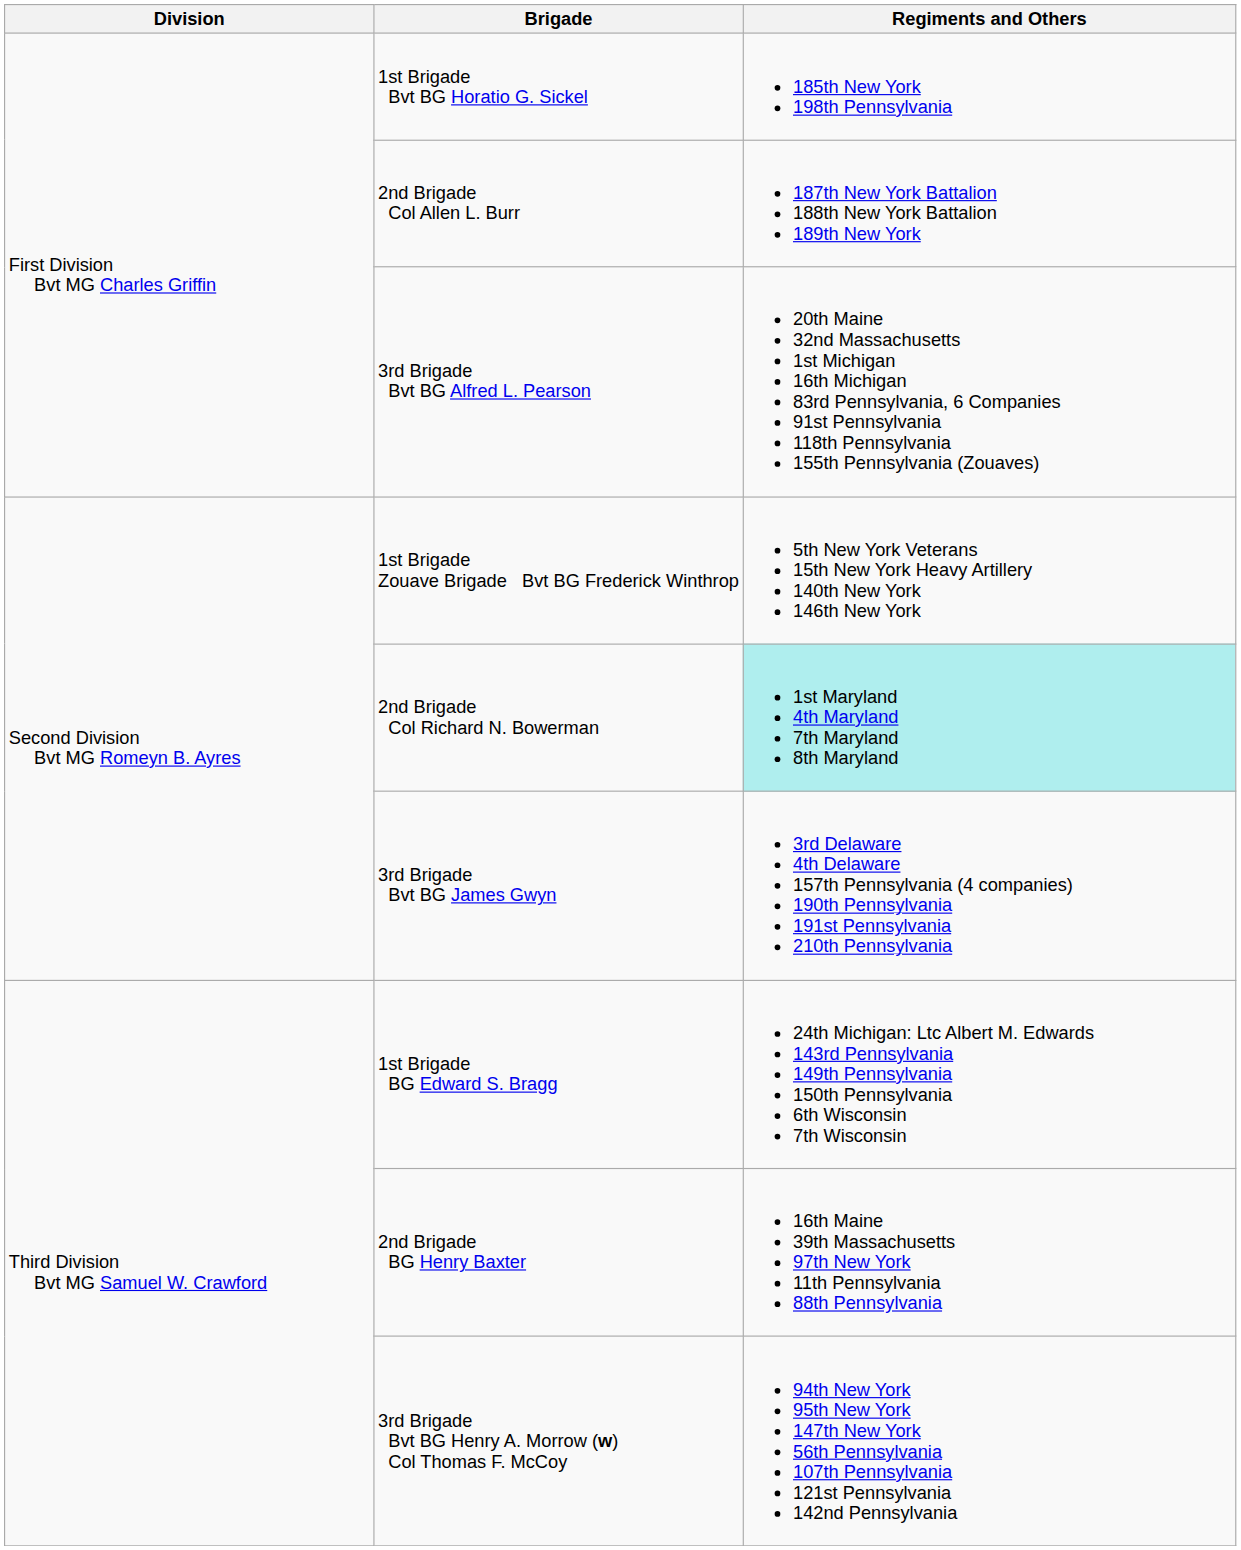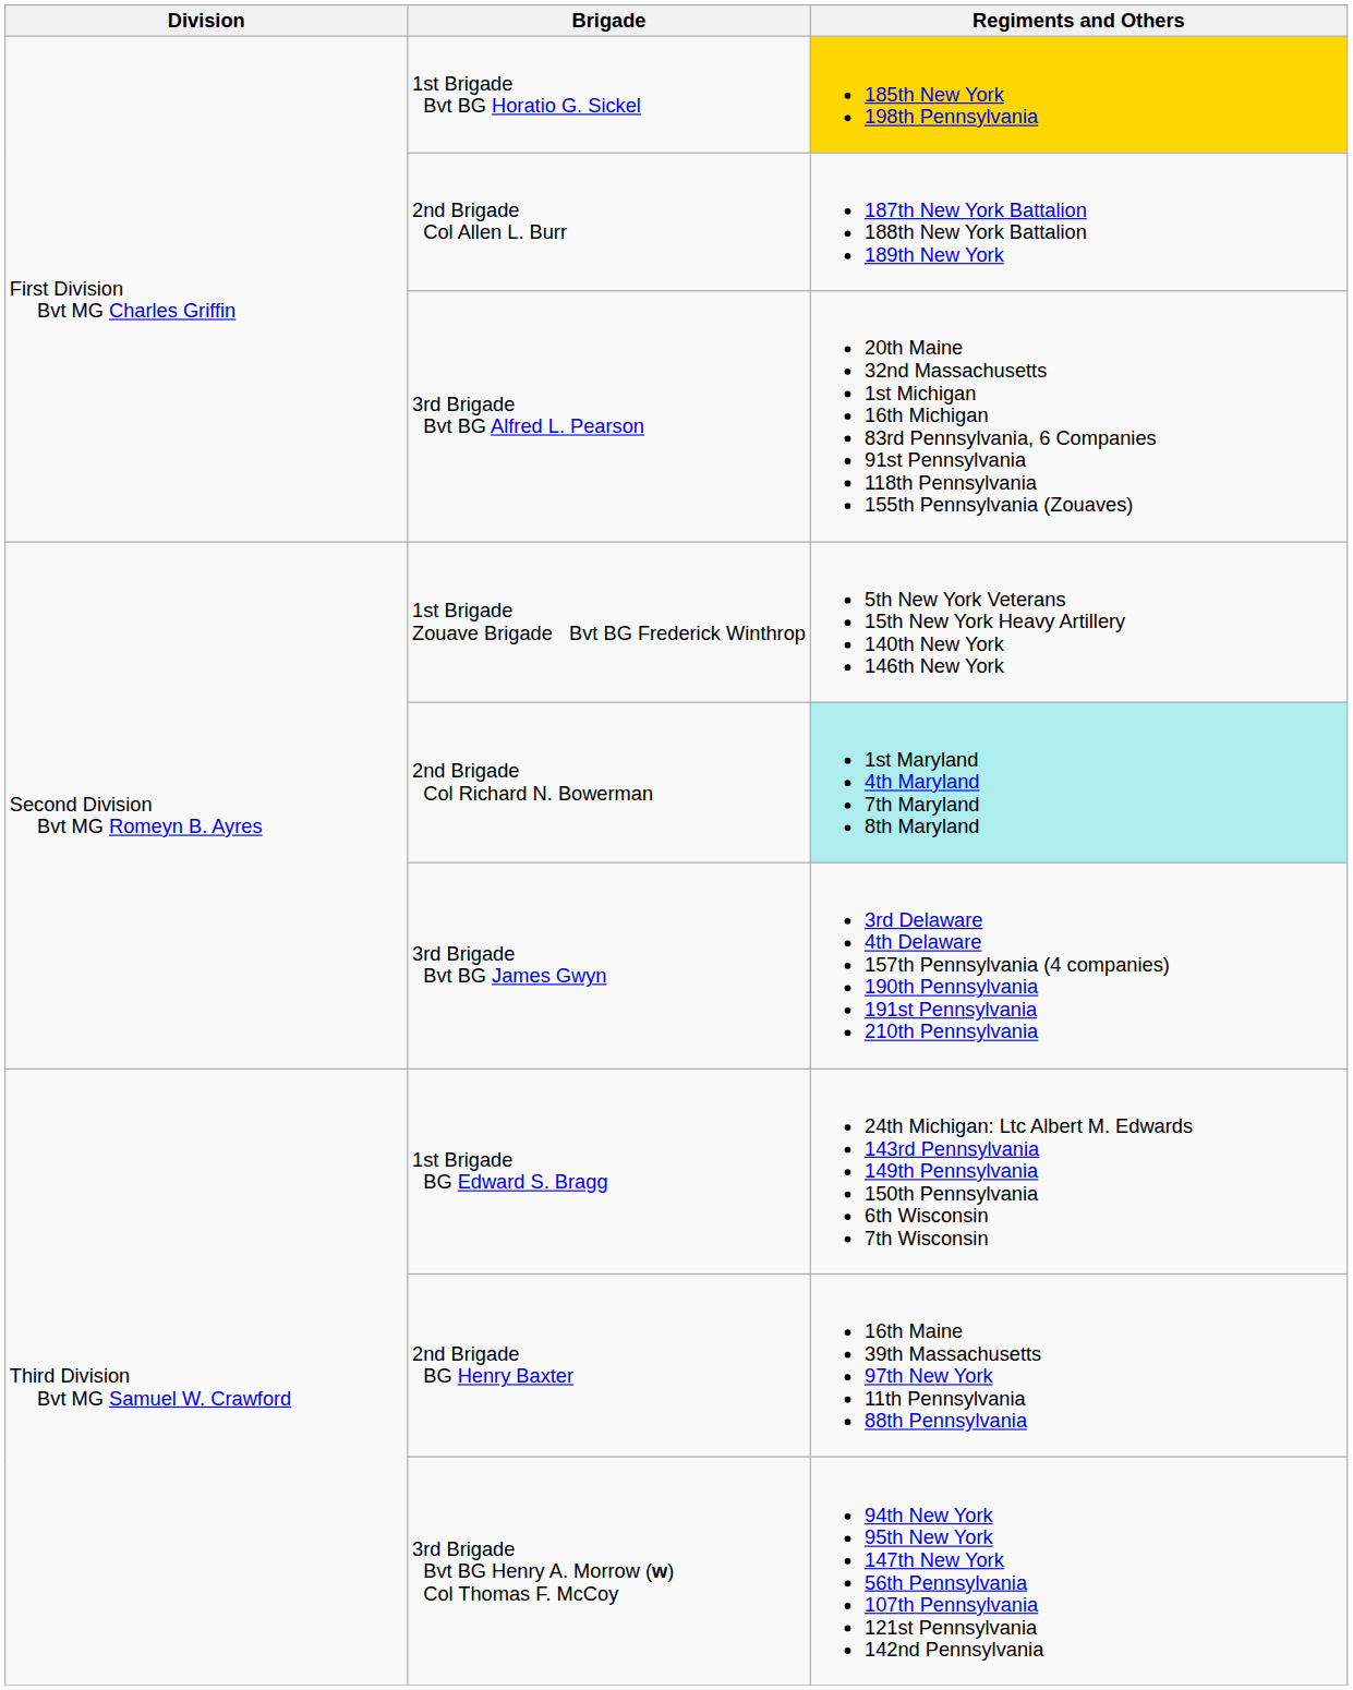 <table class="wikitable">
 <tr>
 <th width=30%>Division</th>
 <th width=30%>Brigade</th>
 <th>Regiments and Others</th>
 </tr>
 <tr>
 <td rowspan=3><br>First Division <br>     Bvt MG <a href='#'>Charles Griffin</a></td>
 <td>1st Brigade<br>  Bvt BG <a href='#'>Horatio G. Sickel</a></td>
-<td><br><ul><li><a href='#'>185th New York</a></li><li><a href='#'>198th Pennsylvania</a></li></ul></td>
+<td style="background: gold;"><br><ul><li><a href='#'>185th New York</a></li><li><a href='#'>198th Pennsylvania</a></li></ul></td>
 </tr>
 <tr>
 <td>2nd Brigade<br>  Col Allen L. Burr</td>
 <td><br><ul><li><a href='#'>187th New York Battalion</a></li><li>188th New York Battalion</li><li><a href='#'>189th New York</a></li></ul></td>
 </tr>
 <tr>
 <td>3rd Brigade<br>  Bvt BG <a href='#'>Alfred L. Pearson</a></td>
 <td><br><ul><li>20th Maine</li><li>32nd Massachusetts</li><li>1st Michigan</li><li>16th Michigan</li><li>83rd Pennsylvania, 6 Companies</li><li>91st Pennsylvania</li><li>118th Pennsylvania</li><li>155th Pennsylvania (Zouaves)</li></ul></td>
 </tr>
 <tr>
 <td rowspan=3><br>Second Division <br>     Bvt MG <a href='#'>Romeyn B. Ayres</a></td>
 <td>1st Brigade<br>Zouave Brigade     Bvt BG Frederick Winthrop</td>
 <td><br><ul><li>5th New York Veterans</li><li>15th New York Heavy Artillery</li><li>140th New York</li><li>146th New York</li></ul></td>
 </tr>
 <tr>
 <td>2nd Brigade<br>  Col Richard N. Bowerman</td>
 <td style="background: paleturquoise;"><br><ul><li>1st Maryland</li><li><a href='#'>4th Maryland</a></li><li>7th Maryland</li><li>8th Maryland</li></ul></td>
 </tr>
 <tr>
 <td>3rd Brigade<br>  Bvt BG <a href='#'>James Gwyn</a></td>
 <td><br><ul><li><a href='#'>3rd Delaware</a></li><li><a href='#'>4th Delaware</a></li><li>157th Pennsylvania (4 companies)</li><li><a href='#'>190th Pennsylvania</a></li><li><a href='#'>191st Pennsylvania</a></li><li><a href='#'>210th Pennsylvania</a></li></ul></td>
 </tr>
 <tr>
 <td rowspan=3><br>Third Division <br>     Bvt MG <a href='#'>Samuel W. Crawford</a></td>
 <td>1st Brigade<br>  BG <a href='#'>Edward S. Bragg</a></td>
 <td><br><ul><li>24th Michigan: Ltc Albert M. Edwards</li><li><a href='#'>143rd Pennsylvania</a></li><li><a href='#'>149th Pennsylvania</a></li><li>150th Pennsylvania</li><li>6th Wisconsin</li><li>7th Wisconsin</li></ul></td>
 </tr>
 <tr>
 <td>2nd Brigade<br>  BG <a href='#'>Henry Baxter</a></td>
 <td><br><ul><li>16th Maine</li><li>39th Massachusetts</li><li><a href='#'>97th New York</a></li><li>11th Pennsylvania</li><li><a href='#'>88th Pennsylvania</a></li></ul></td>
 </tr>
 <tr>
 <td>3rd Brigade<br>  Bvt BG Henry A. Morrow (<strong>w</strong>)<br>   Col Thomas F. McCoy</td>
 <td><br><ul><li><a href='#'>94th New York</a></li><li><a href='#'>95th New York</a></li><li><a href='#'>147th New York</a></li><li><a href='#'>56th Pennsylvania</a></li><li><a href='#'>107th Pennsylvania</a></li><li>121st Pennsylvania</li><li>142nd Pennsylvania</li></ul></td>
 </tr>
 </table>
